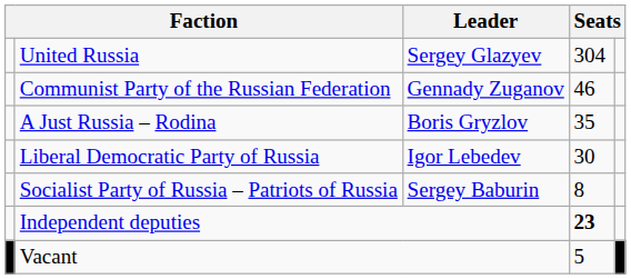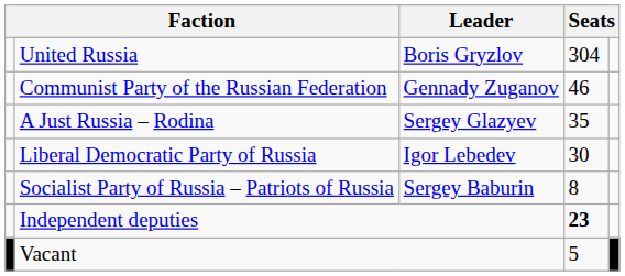 <table class=wikitable>
 <tr>
 <th colspan=2>Faction</th>
 <th>Leader</th>
 <th colspan=2>Seats</th>
 </tr>
 <tr>
 <td style="background-color:"></td>
 <td><a href='#'>United Russia</a></td>
-<td><a href='#'>Sergey Glazyev</a></td>
+<td><a href='#'>Boris Gryzlov</a></td>
 <td>304</td>
 <td style="background-color:"></td>
 </tr>
 <tr>
 <td style="background-color:"></td>
 <td><a href='#'>Communist Party of the Russian Federation</a></td>
 <td><a href='#'>Gennady Zuganov</a></td>
 <td>46</td>
 <td style="background-color:"></td>
 </tr>
 <tr>
 <td style="background-color:"></td>
 <td><a href='#'>A Just Russia</a> – <a href='#'>Rodina</a></td>
-<td><a href='#'>Boris Gryzlov</a></td>
+<td><a href='#'>Sergey Glazyev</a></td>
 <td>35</td>
 <td style="background-color:"></td>
 </tr>
 <tr>
 <td style="background-color:"></td>
 <td><a href='#'>Liberal Democratic Party of Russia</a></td>
 <td><a href='#'>Igor Lebedev</a></td>
 <td>30</td>
 <td style="background-color:"></td>
 </tr>
 <tr>
 <td style="background-color:"></td>
 <td><a href='#'>Socialist Party of Russia</a> – <a href='#'>Patriots of Russia</a></td>
 <td><a href='#'>Sergey Baburin</a></td>
 <td>8</td>
 <td style="background-color:"></td>
 </tr>
 <tr>
 <td style="background-color:"></td>
 <td colspan=2><a href='#'>Independent deputies</a></td>
 <td><strong>23</strong></td>
 <td style="background-color:"></td>
 </tr>
 <tr>
 <td style="background-color:Black"></td>
 <td colspan=2>Vacant</td>
 <td>5</td>
 <td style="background-color:Black"></td>
 </tr>
 </table>
